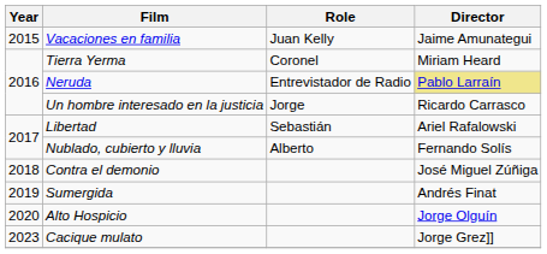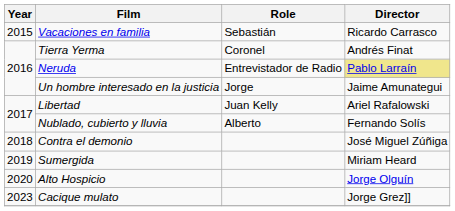 <table class="wikitable" style="font-size:95%;">
 <tr>
 <th>Year</th>
 <th>Film</th>
 <th>Role</th>
 <th>Director</th>
 </tr>
 <tr>
 <td>2015</td>
 <td><em><a href='#'>Vacaciones en familia</a></em></td>
-<td>Juan Kelly</td>
-<td>Jaime Amunategui</td>
+<td>Sebastián</td>
+<td>Ricardo Carrasco</td>
 </tr>
 <tr>
 <td rowspan="3">2016</td>
 <td><em>Tierra Yerma</em></td>
 <td>Coronel</td>
-<td>Miriam Heard</td>
+<td>Andrés Finat</td>
 </tr>
 <tr>
 <td><em><a href='#'>Neruda</a></em></td>
 <td>Entrevistador de Radio</td>
 <td style="background: khaki;"><a href='#'>Pablo Larraín</a></td>
 </tr>
 <tr>
 <td><em>Un hombre interesado en la justicia</em></td>
 <td>Jorge</td>
-<td>Ricardo Carrasco</td>
+<td>Jaime Amunategui</td>
 </tr>
 <tr>
 <td rowspan="2">2017</td>
 <td><em>Libertad</em></td>
-<td>Sebastián</td>
+<td>Juan Kelly</td>
 <td>Ariel Rafalowski</td>
 </tr>
 <tr>
 <td><em>Nublado, cubierto y lluvia</em></td>
 <td>Alberto</td>
 <td>Fernando Solís</td>
 </tr>
 <tr>
 <td>2018</td>
 <td><em>Contra el demonio</em></td>
 <td></td>
 <td>José Miguel Zúñiga</td>
 </tr>
 <tr>
 <td>2019</td>
 <td><em>Sumergida</em></td>
 <td></td>
-<td>Andrés Finat</td>
+<td>Miriam Heard</td>
 </tr>
 <tr>
 <td>2020</td>
 <td><em>Alto Hospicio</em></td>
 <td></td>
 <td><a href='#'>Jorge Olguín</a></td>
 </tr>
 <tr>
 <td>2023</td>
 <td><em>Cacique mulato</em></td>
 <td></td>
 <td>Jorge Grez]]</td>
 </tr>
 <tr>
 </tr>
 </table>
